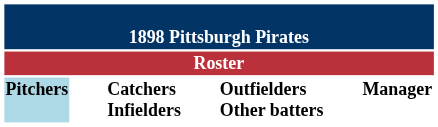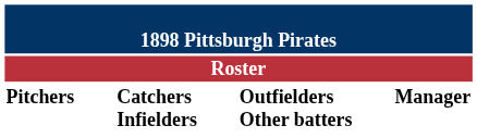 <table class="toccolours" style="font-size: 95%;">
 <tr>
 <th colspan="10" style="background-color: #023465; color: #FFFFFF; text-align: center;"><br>1898 Pittsburgh Pirates</th>
 </tr>
 <tr>
 <td colspan="10" style="background-color: #ba313c; color: white; text-align: center;"><strong>Roster</strong></td>
 </tr>
 <tr>
-<td valign="top" style="background: lightblue;"><strong>Pitchers</strong><br>          </td>
+<td valign="top"><strong>Pitchers</strong><br>          </td>
 <td width="25px"></td>
 <td valign="top"><strong>Catchers</strong><br>   <strong>Infielders</strong>        </td>
 <td width="25px"></td>
 <td valign="top"><strong>Outfielders</strong><br>      <strong>Other batters</strong> </td>
 <td width="25px"></td>
 <td valign="top"><strong>Manager</strong><br></td>
 </tr>
 </table>
